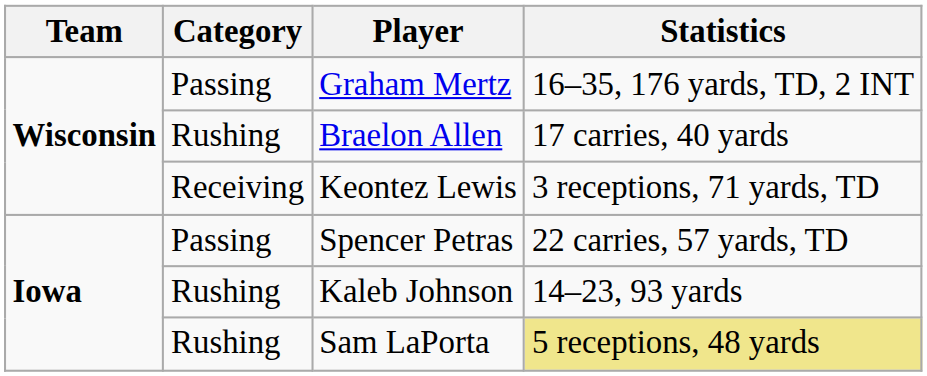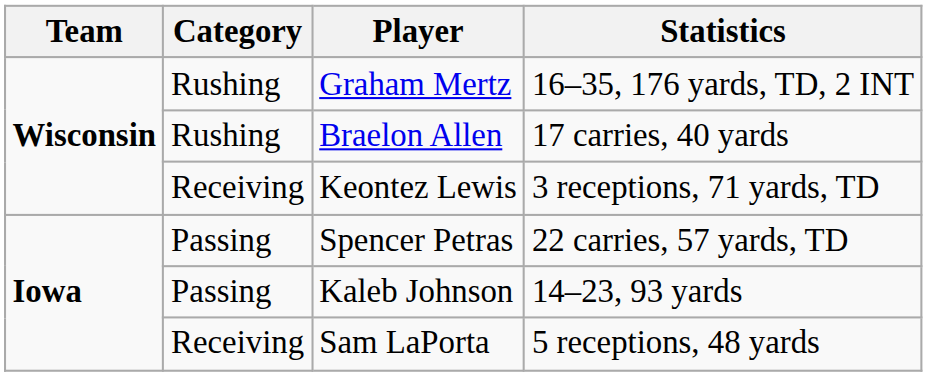 <table class="wikitable" style="float: left;">
 <tr>
 <th>Team</th>
 <th>Category</th>
 <th>Player</th>
 <th>Statistics</th>
 </tr>
 <tr>
 <td rowspan=3><strong>Wisconsin</strong></td>
-<td>Passing</td>
+<td>Rushing</td>
 <td><a href='#'>Graham Mertz</a></td>
 <td>16–35, 176 yards, TD, 2 INT</td>
 </tr>
 <tr>
 <td>Rushing</td>
 <td><a href='#'>Braelon Allen</a></td>
 <td>17 carries, 40 yards</td>
 </tr>
 <tr>
 <td>Receiving</td>
 <td>Keontez Lewis</td>
 <td>3 receptions, 71 yards, TD</td>
 </tr>
 <tr>
 <td rowspan=3><strong>Iowa</strong></td>
 <td>Passing</td>
 <td>Spencer Petras</td>
 <td>22 carries, 57 yards, TD</td>
 </tr>
 <tr>
-<td>Rushing</td>
+<td>Passing</td>
 <td>Kaleb Johnson</td>
 <td>14–23, 93 yards</td>
 </tr>
 <tr>
-<td>Rushing</td>
+<td>Receiving</td>
 <td>Sam LaPorta</td>
-<td style="background: khaki;">5 receptions, 48 yards</td>
+<td>5 receptions, 48 yards</td>
 </tr>
 </table>
